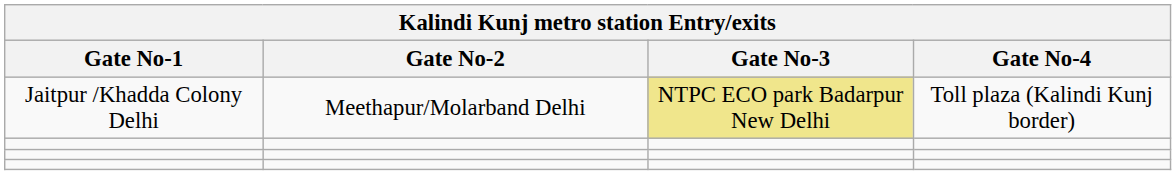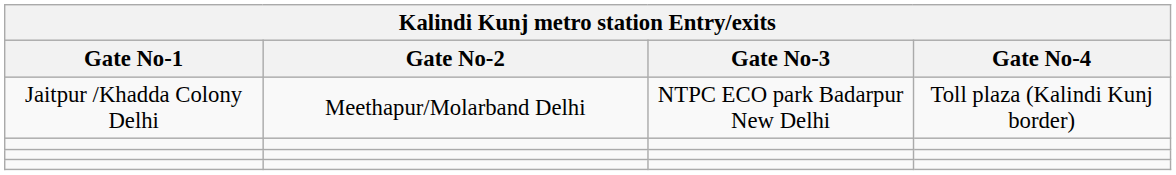 <table class="wikitable" style="text-align: center;" width="65%">
 <tr>
 <th align="center" colspan="5" style="background:#"><span>Kalindi Kunj metro station Entry/exits</span></th>
 </tr>
 <tr>
 <th style="width:5%;">Gate No-1</th>
 <th style="width:5%;">Gate No-2</th>
 <th style="width:5%;">Gate No-3</th>
 <th style="width:5%;">Gate No-4</th>
 </tr>
 <tr>
 <td>Jaitpur /Khadda Colony Delhi</td>
 <td>Meethapur/Molarband Delhi</td>
-<td style="background: khaki;">NTPC ECO park Badarpur New Delhi</td>
+<td>NTPC ECO park Badarpur New Delhi</td>
 <td>Toll plaza (Kalindi Kunj border)</td>
 </tr>
 <tr>
 <td></td>
 <td></td>
 <td></td>
 <td></td>
 </tr>
 <tr>
 <td></td>
 <td></td>
 <td></td>
 <td></td>
 </tr>
 <tr>
 <td></td>
 <td></td>
 <td></td>
 <td></td>
 </tr>
 </table>
